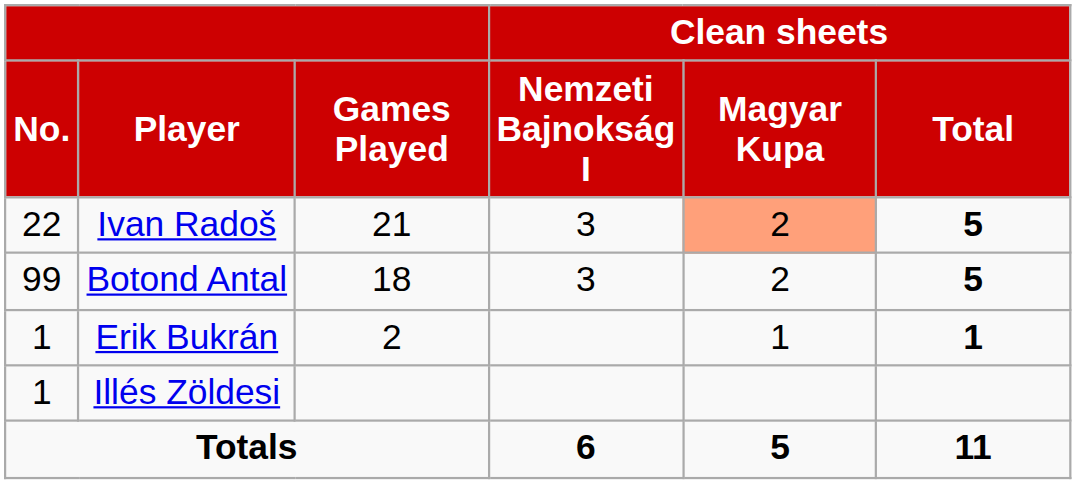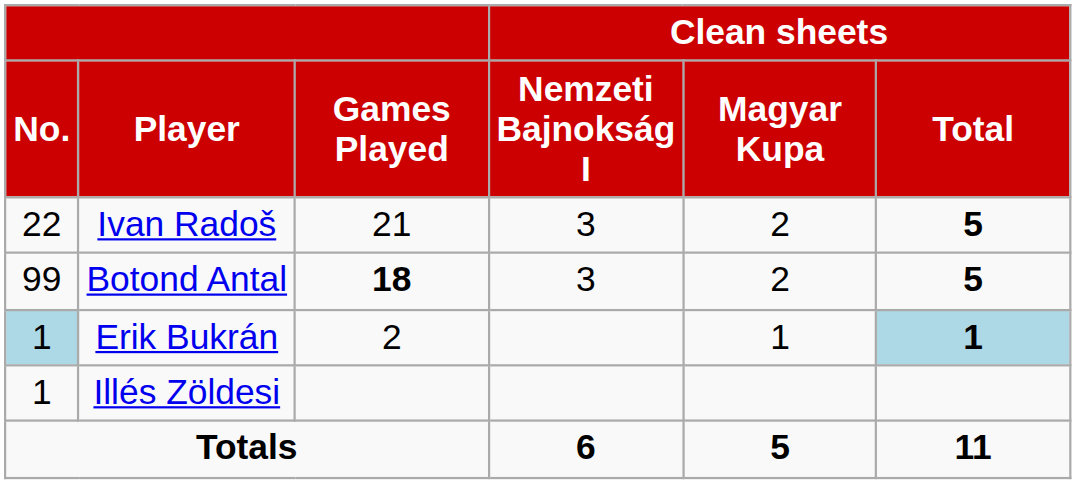 <table class="wikitable sortable alternance" style="text-align:center">
 <tr>
 <th colspan="3" style="background:#CD0001"></th>
 <th colspan="4" style="background:#CD0001;color:white">Clean sheets</th>
 </tr>
 <tr>
 <th style="background-color:#CD0001;color:white">No.</th>
 <th style="background-color:#CD0001;color:white">Player</th>
 <th width=80 style="background-color:#CD0001;color:white">Games Played</th>
 <th width=80 style="background-color:#CD0001;color:white">Nemzeti Bajnokság I</th>
 <th width=80 style="background-color:#CD0001;color:white">Magyar Kupa</th>
 <th width=80 style="background-color:#CD0001;color:white">Total</th>
 </tr>
 <tr>
 <td>22</td>
 <td> <a href='#'>Ivan Radoš</a></td>
 <td>21</td>
 <td>3</td>
-<td style="background: lightsalmon;">2</td>
+<td>2</td>
 <td><strong>5</strong></td>
 </tr>
 <tr>
 <td>99</td>
 <td> <a href='#'>Botond Antal</a></td>
-<td>18</td>
+<td><strong>18</strong></td>
 <td>3</td>
 <td>2</td>
 <td><strong>5</strong></td>
 </tr>
 <tr>
-<td>1</td>
+<td style="background: lightblue;">1</td>
 <td> <a href='#'>Erik Bukrán</a></td>
 <td>2</td>
 <td></td>
 <td>1</td>
-<td><strong>1</strong></td>
+<td style="background: lightblue;"><strong>1</strong></td>
 </tr>
 <tr>
 <td>1</td>
 <td> <a href='#'>Illés Zöldesi</a></td>
 <td></td>
 <td></td>
 <td></td>
 <td></td>
 </tr>
 <tr class="sortbottom">
 <td colspan="3"><strong>Totals</strong></td>
 <td><strong>6</strong></td>
 <td><strong>5</strong></td>
 <td><strong>11</strong></td>
 </tr>
 </table>
